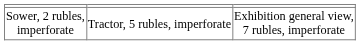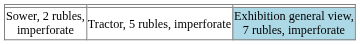 <table border=1 style="border-collapse:collapse" class="standard">
 <tr>
 <td></td>
 <td></td>
 <td></td>
 </tr>
 <tr style="text-align:center; font-size:78%">
 <td>Sower, 2 rubles,<br>imperforate</td>
 <td>Tractor, 5 rubles, imperforate</td>
-<td>Exhibition general view,<br>7 rubles, imperforate</td>
+<td style="background: lightblue;">Exhibition general view,<br>7 rubles, imperforate</td>
 </tr>
 </table>
